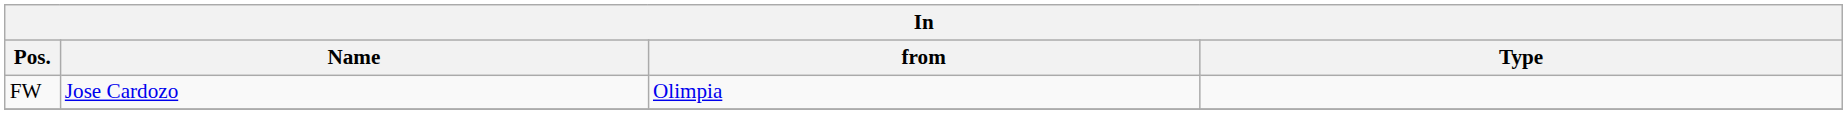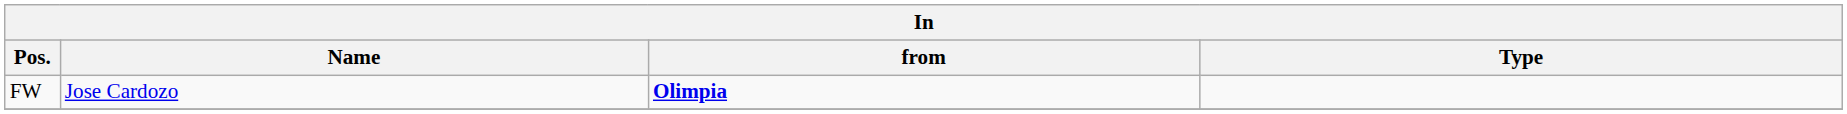 <table class="wikitable" style="font-size:90%;width:99%;">
 <tr>
 <th colspan="4">In</th>
 </tr>
 <tr>
 <th width=3%>Pos.</th>
 <th width=32%>Name</th>
 <th width=30%>from</th>
 <th width=35%>Type</th>
 </tr>
 <tr>
 <td>FW</td>
 <td><a href='#'>Jose Cardozo</a></td>
-<td><a href='#'>Olimpia</a></td>
+<td><strong><a href='#'>Olimpia</a></strong></td>
 <td></td>
 </tr>
 <tr>
 </tr>
 </table>
